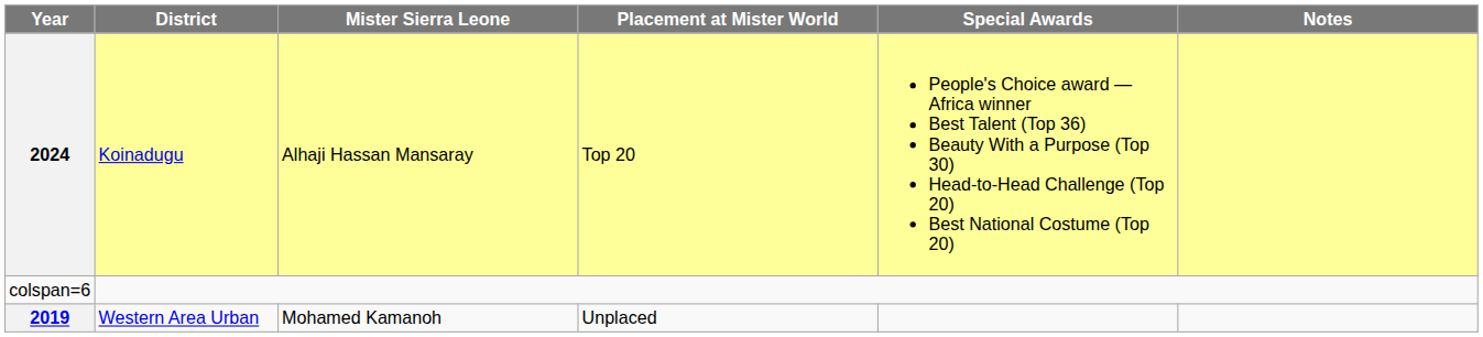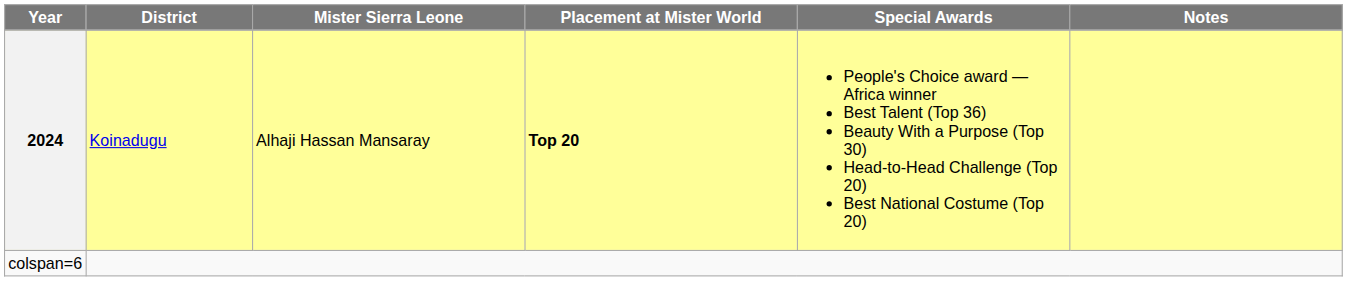 <table class="wikitable " style="font-size: 95%;">
 <tr>
 <th width="60" style="background-color:#787878;color:#FFFFFF;">Year</th>
 <th width="150" style="background-color:#787878;color:#FFFFFF;">District</th>
 <th width="250" style="background-color:#787878;color:#FFFFFF;">Mister Sierra Leone</th>
 <th width="250" style="background-color:#787878;color:#FFFFFF;">Placement at Mister World</th>
 <th width="250" style="background-color:#787878;color:#FFFFFF;">Special Awards</th>
 <th width="250" style="background-color:#787878;color:#FFFFFF;">Notes</th>
 </tr>
 <tr>
 </tr>
 <tr style="background-color:#FFFF99;:">
 <th>2024</th>
 <td><a href='#'>Koinadugu</a></td>
 <td>Alhaji Hassan Mansaray</td>
-<td>Top 20</td>
+<td><strong>Top 20</strong></td>
 <td><br><ul><li>People's Choice award — Africa winner</li><li>Best Talent (Top 36)</li><li>Beauty With a Purpose (Top 30)</li><li>Head-to-Head Challenge (Top 20)</li><li>Best National Costume (Top 20)</li></ul></td>
 <td></td>
 </tr>
 <tr>
 <td>colspan=6 </td>
 </tr>
-<tr>
-<th><a href='#'>2019</a></th>
-<td><a href='#'>Western Area Urban</a></td>
-<td>Mohamed Kamanoh</td>
-<td>Unplaced</td>
-<td></td>
-<td></td>
-</tr>
 </table>
